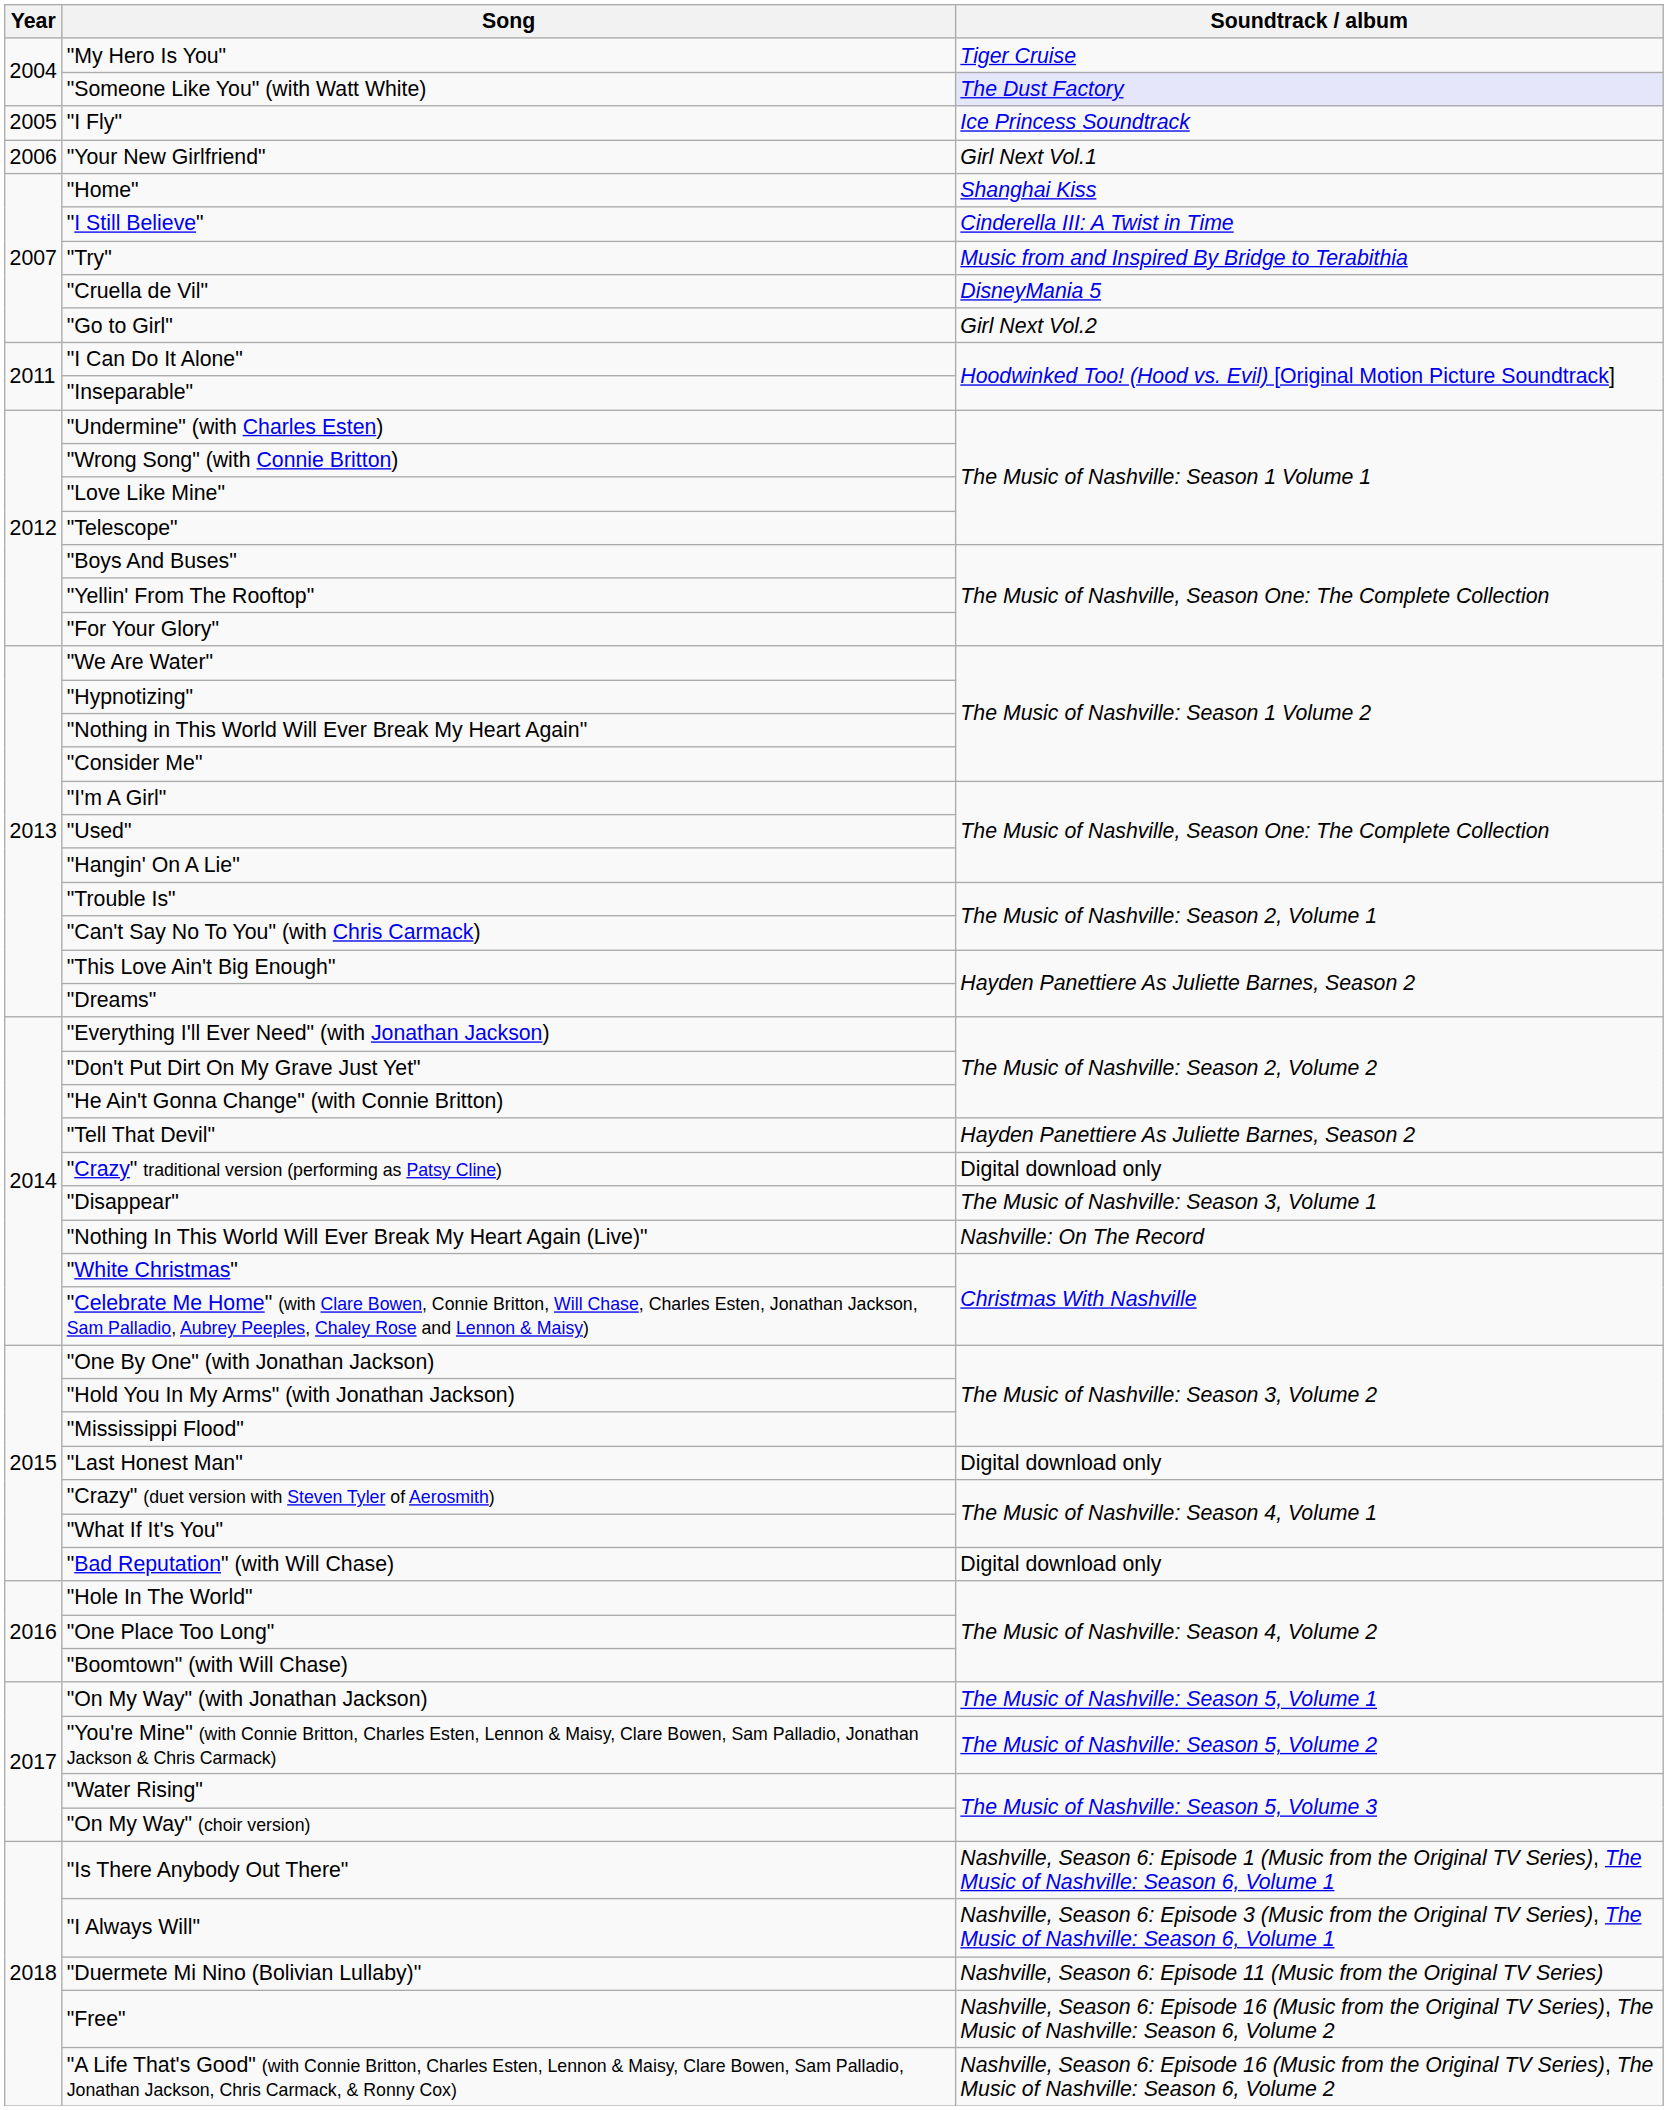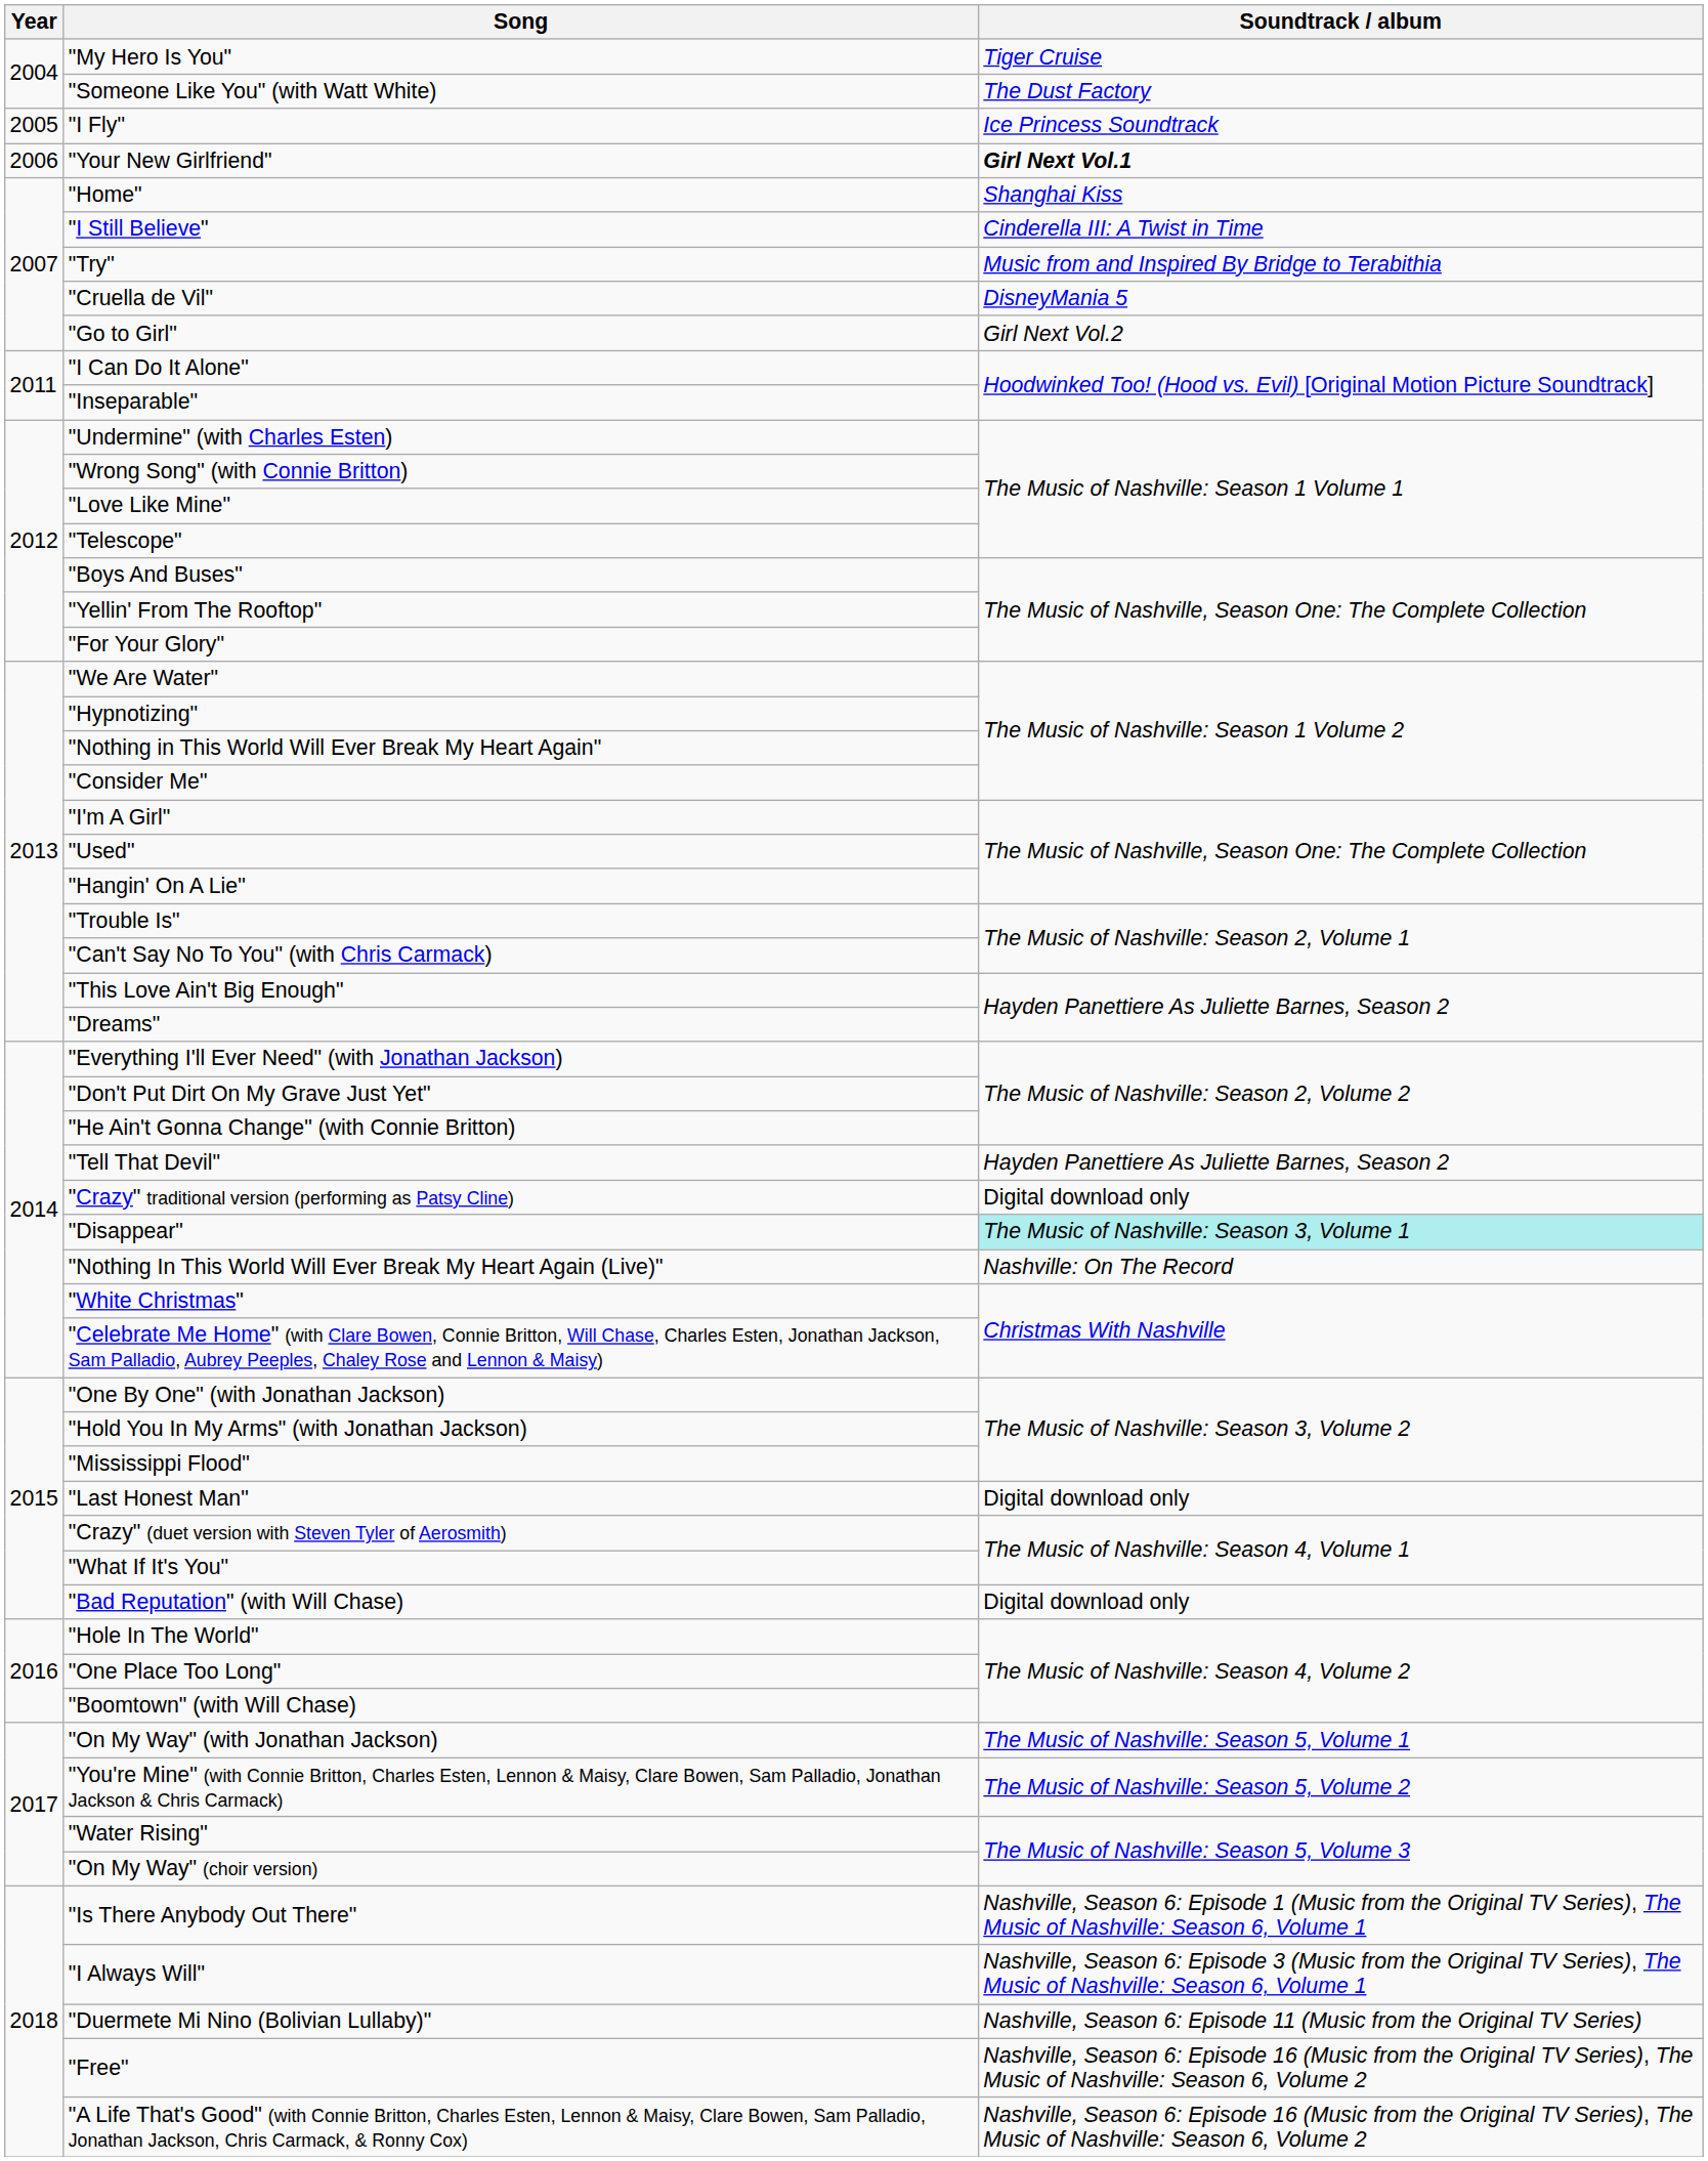 <table class="wikitable">
 <tr>
 <th>Year</th>
 <th>Song</th>
 <th>Soundtrack / album</th>
 </tr>
 <tr>
 <td rowspan=2>2004</td>
 <td>"My Hero Is You"</td>
 <td><em><a href='#'>Tiger Cruise</a></em></td>
 </tr>
 <tr>
 <td>"Someone Like You" (with Watt White)</td>
-<td style="background: lavender;"><em><a href='#'>The Dust Factory</a></em></td>
+<td><em><a href='#'>The Dust Factory</a></em></td>
 </tr>
 <tr>
 <td>2005</td>
 <td>"I Fly"</td>
 <td><em><a href='#'>Ice Princess Soundtrack</a></em></td>
 </tr>
 <tr>
 <td>2006</td>
 <td>"Your New Girlfriend"</td>
-<td><em>Girl Next Vol.1</em></td>
+<td><strong><em>Girl Next Vol.1</em></strong></td>
 </tr>
 <tr>
 <td rowspan=5>2007</td>
 <td>"Home"</td>
 <td><em><a href='#'>Shanghai Kiss</a></em></td>
 </tr>
 <tr>
 <td>"<a href='#'>I Still Believe</a>"</td>
 <td><em><a href='#'>Cinderella III: A Twist in Time</a></em></td>
 </tr>
 <tr>
 <td>"Try"</td>
 <td><em><a href='#'>Music from and Inspired By Bridge to Terabithia</a></em></td>
 </tr>
 <tr>
 <td>"Cruella de Vil"</td>
 <td><em><a href='#'>DisneyMania 5</a></em></td>
 </tr>
 <tr>
 <td>"Go to Girl"</td>
 <td><em>Girl Next Vol.2</em></td>
 </tr>
 <tr>
 <td rowspan=2>2011</td>
 <td>"I Can Do It Alone"</td>
 <td rowspan=2><a href='#'><em>Hoodwinked Too! (Hood vs. Evil)</em> [Original Motion Picture Soundtrack</a>]</td>
 </tr>
 <tr>
 <td>"Inseparable"</td>
 </tr>
 <tr>
 <td rowspan=7>2012</td>
 <td>"Undermine" (with <a href='#'>Charles Esten</a>)</td>
 <td rowspan=4><em>The Music of Nashville: Season 1 Volume 1</em></td>
 </tr>
 <tr>
 <td>"Wrong Song" (with <a href='#'>Connie Britton</a>)</td>
 </tr>
 <tr>
 <td>"Love Like Mine"</td>
 </tr>
 <tr>
 <td>"Telescope"</td>
 </tr>
 <tr>
 <td>"Boys And Buses"</td>
 <td rowspan=3><em>The Music of Nashville, Season One: The Complete Collection</em></td>
 </tr>
 <tr>
 <td>"Yellin' From The Rooftop"</td>
 </tr>
 <tr>
 <td>"For Your Glory"</td>
 </tr>
 <tr>
 <td rowspan=11>2013</td>
 <td>"We Are Water"</td>
 <td rowspan=4><em>The Music of Nashville: Season 1 Volume 2</em></td>
 </tr>
 <tr>
 <td>"Hypnotizing"</td>
 </tr>
 <tr>
 <td>"Nothing in This World Will Ever Break My Heart Again"</td>
 </tr>
 <tr>
 <td>"Consider Me"</td>
 </tr>
 <tr>
 <td>"I'm A Girl"</td>
 <td rowspan=3><em>The Music of Nashville, Season One: The Complete Collection</em></td>
 </tr>
 <tr>
 <td>"Used"</td>
 </tr>
 <tr>
 <td>"Hangin' On A Lie"</td>
 </tr>
 <tr>
 <td>"Trouble Is"</td>
 <td rowspan=2><em>The Music of Nashville: Season 2, Volume 1</em></td>
 </tr>
 <tr>
 <td>"Can't Say No To You" (with <a href='#'>Chris Carmack</a>)</td>
 </tr>
 <tr>
 <td>"This Love Ain't Big Enough"</td>
 <td rowspan=2><em>Hayden Panettiere As Juliette Barnes, Season 2</em></td>
 </tr>
 <tr>
 <td>"Dreams"</td>
 </tr>
 <tr>
 <td rowspan=9>2014</td>
 <td>"Everything I'll Ever Need" (with <a href='#'>Jonathan Jackson</a>)</td>
 <td rowspan=3><em>The Music of Nashville: Season 2, Volume 2</em></td>
 </tr>
 <tr>
 <td>"Don't Put Dirt On My Grave Just Yet"</td>
 </tr>
 <tr>
 <td>"He Ain't Gonna Change" (with Connie Britton)</td>
 </tr>
 <tr>
 <td>"Tell That Devil"</td>
 <td><em>Hayden Panettiere As Juliette Barnes, Season 2</em></td>
 </tr>
 <tr>
 <td>"<a href='#'>Crazy</a>" <small>traditional version (performing as <a href='#'>Patsy Cline</a>)</small></td>
 <td>Digital download only</td>
 </tr>
 <tr>
 <td>"Disappear"</td>
-<td><em>The Music of Nashville: Season 3, Volume 1</em></td>
+<td style="background: paleturquoise;"><em>The Music of Nashville: Season 3, Volume 1</em></td>
 </tr>
 <tr>
 <td>"Nothing In This World Will Ever Break My Heart Again (Live)"</td>
 <td><em>Nashville: On The Record</em></td>
 </tr>
 <tr>
 <td>"<a href='#'>White Christmas</a>"</td>
 <td rowspan=2><em><a href='#'>Christmas With Nashville</a></em></td>
 </tr>
 <tr>
 <td>"<a href='#'>Celebrate Me Home</a>" <small>(with <a href='#'>Clare Bowen</a>, Connie Britton, <a href='#'>Will Chase</a>, Charles Esten, Jonathan Jackson, <a href='#'>Sam Palladio</a>, <a href='#'>Aubrey Peeples</a>, <a href='#'>Chaley Rose</a> and <a href='#'>Lennon & Maisy</a>)</small></td>
 </tr>
 <tr>
 <td rowspan=7>2015</td>
 <td>"One By One" (with Jonathan Jackson)</td>
 <td rowspan=3><em>The Music of Nashville: Season 3, Volume 2</em></td>
 </tr>
 <tr>
 <td>"Hold You In My Arms" (with Jonathan Jackson)</td>
 </tr>
 <tr>
 <td>"Mississippi Flood"</td>
 </tr>
 <tr>
 <td>"Last Honest Man"</td>
 <td>Digital download only</td>
 </tr>
 <tr>
 <td>"Crazy" <small>(duet version with <a href='#'>Steven Tyler</a> of <a href='#'>Aerosmith</a>)</small></td>
 <td rowspan=2><em>The Music of Nashville: Season 4, Volume 1</em></td>
 </tr>
 <tr>
 <td>"What If It's You"</td>
 </tr>
 <tr>
 <td>"<a href='#'>Bad Reputation</a>" (with Will Chase)</td>
 <td>Digital download only</td>
 </tr>
 <tr>
 <td rowspan=3>2016</td>
 <td>"Hole In The World"</td>
 <td rowspan=3><em>The Music of Nashville: Season 4, Volume 2</em></td>
 </tr>
 <tr>
 <td>"One Place Too Long"</td>
 </tr>
 <tr>
 <td>"Boomtown" (with Will Chase)</td>
 </tr>
 <tr>
 <td rowspan=4>2017</td>
 <td>"On My Way" (with Jonathan Jackson)</td>
 <td><em><a href='#'>The Music of Nashville: Season 5, Volume 1</a></em></td>
 </tr>
 <tr>
 <td>"You're Mine" <small>(with Connie Britton, Charles Esten, Lennon & Maisy, Clare Bowen, Sam Palladio, Jonathan Jackson & Chris Carmack)</small></td>
 <td><em><a href='#'>The Music of Nashville: Season 5, Volume 2</a></em></td>
 </tr>
 <tr>
 <td>"Water Rising"</td>
 <td rowspan=2><em><a href='#'>The Music of Nashville: Season 5, Volume 3</a></em></td>
 </tr>
 <tr>
 <td>"On My Way" <small>(choir version)</small></td>
 </tr>
 <tr>
 <td rowspan=5>2018</td>
 <td>"Is There Anybody Out There"</td>
 <td><em>Nashville, Season 6: Episode 1 (Music from the Original TV Series)</em>, <em><a href='#'>The Music of Nashville: Season 6, Volume 1</a></em></td>
 </tr>
 <tr>
 <td>"I Always Will"</td>
 <td><em>Nashville, Season 6: Episode 3 (Music from the Original TV Series)</em>, <em><a href='#'>The Music of Nashville: Season 6, Volume 1</a></em></td>
 </tr>
 <tr>
 <td>"Duermete Mi Nino (Bolivian Lullaby)"</td>
 <td><em>Nashville, Season 6: Episode 11 (Music from the Original TV Series)</em></td>
 </tr>
 <tr>
 <td>"Free"</td>
 <td><em>Nashville, Season 6: Episode 16 (Music from the Original TV Series)</em>, <em>The Music of Nashville: Season 6, Volume 2</em></td>
 </tr>
 <tr>
 <td>"A Life That's Good" <small>(with Connie Britton, Charles Esten, Lennon & Maisy, Clare Bowen, Sam Palladio, Jonathan Jackson, Chris Carmack, & Ronny Cox)</small></td>
 <td><em>Nashville, Season 6: Episode 16 (Music from the Original TV Series)</em>, <em>The Music of Nashville: Season 6, Volume 2</em></td>
 </tr>
 </table>
